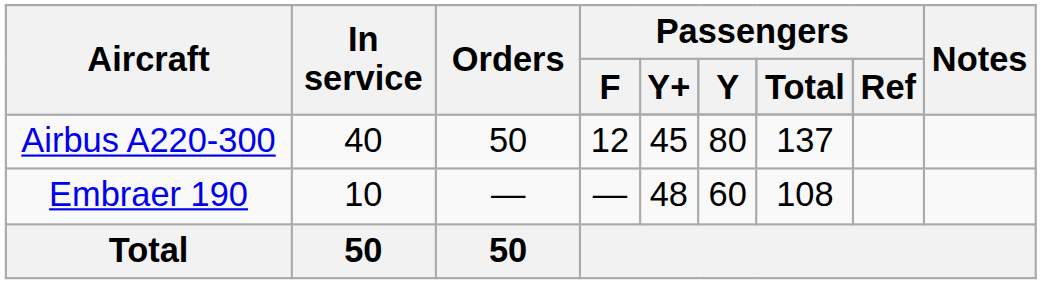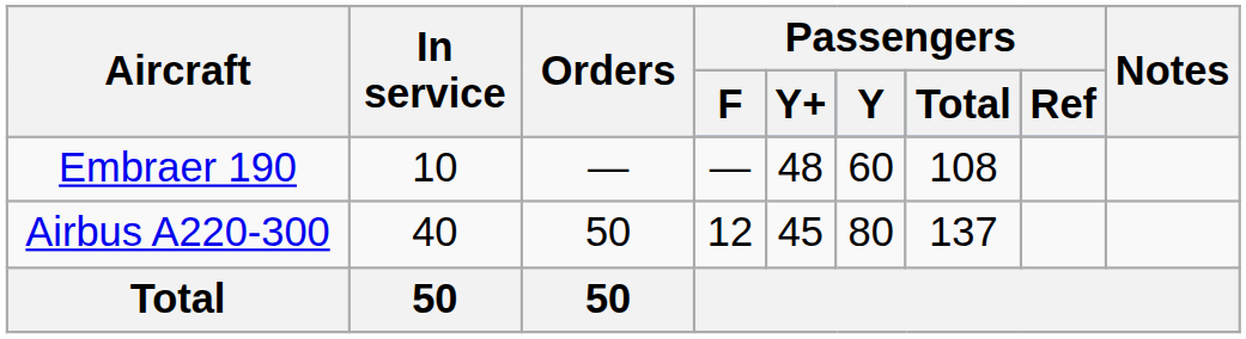 <table class="wikitable" style="border-collapse:collapse;text-align:center;margin:auto;">
 <tr style=“background:#2B7DE1; color:white>
 <th rowspan="2" style="width:125px;">Aircraft</th>
 <th rowspan="2" style="width:60px;">In service</th>
 <th rowspan="2" style="width:60px;">Orders</th>
 <th colspan="5">Passengers</th>
 <th rowspan="2">Notes</th>
 </tr>
 <tr style="background:#003876; color:black;">
 <th style="width:20px;"><abbr>F</abbr></th>
 <th style="width:20px;"><abbr>Y+</abbr></th>
 <th style="width:20px;"><abbr>Y</abbr></th>
 <th style="width:20px;">Total</th>
 <th>Ref</th>
 </tr>
 <tr>
+<td><a href='#'>Embraer 190</a></td>
+<td>10</td>
+<td>—</td>
+<td>—</td>
+<td>48</td>
+<td>60</td>
+<td>108</td>
+<td></td>
+<td></td>
+</tr>
+<tr>
 <td><a href='#'>Airbus A220-300</a></td>
 <td>40</td>
 <td>50</td>
 <td>12</td>
 <td>45</td>
 <td>80</td>
 <td>137</td>
 <td></td>
 <td></td>
 </tr>
 <tr>
-<td><a href='#'>Embraer 190</a></td>
-<td>10</td>
-<td>—</td>
-<td>—</td>
-<td>48</td>
-<td>60</td>
-<td>108</td>
-<td></td>
-<td></td>
-</tr>
-<tr>
 <th>Total</th>
 <th>50</th>
 <th>50</th>
 <th colspan="6"></th>
 </tr>
 </table>
